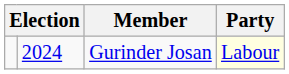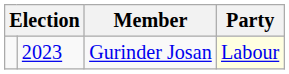 <table class="wikitable">
 <tr>
 <th colspan="2">Election</th>
 <th>Member</th>
 <th>Party</th>
 </tr>
 <tr>
 <td style="color:inherit;background-color: "></td>
-<td><a href='#'>2024</a></td>
+<td><a href='#'>2023</a></td>
 <td><a href='#'>Gurinder Josan</a></td>
 <td style="background: lightyellow;"><a href='#'>Labour</a></td>
 </tr>
 </table>
